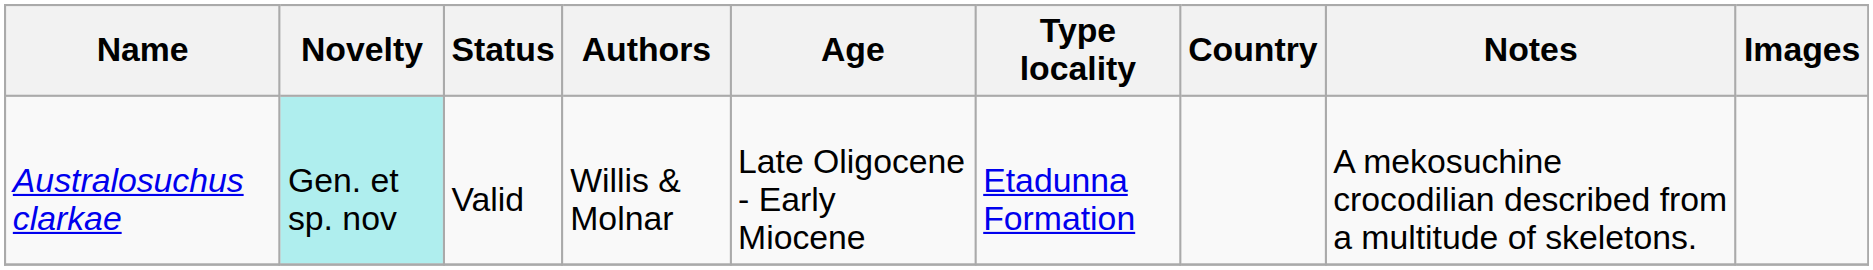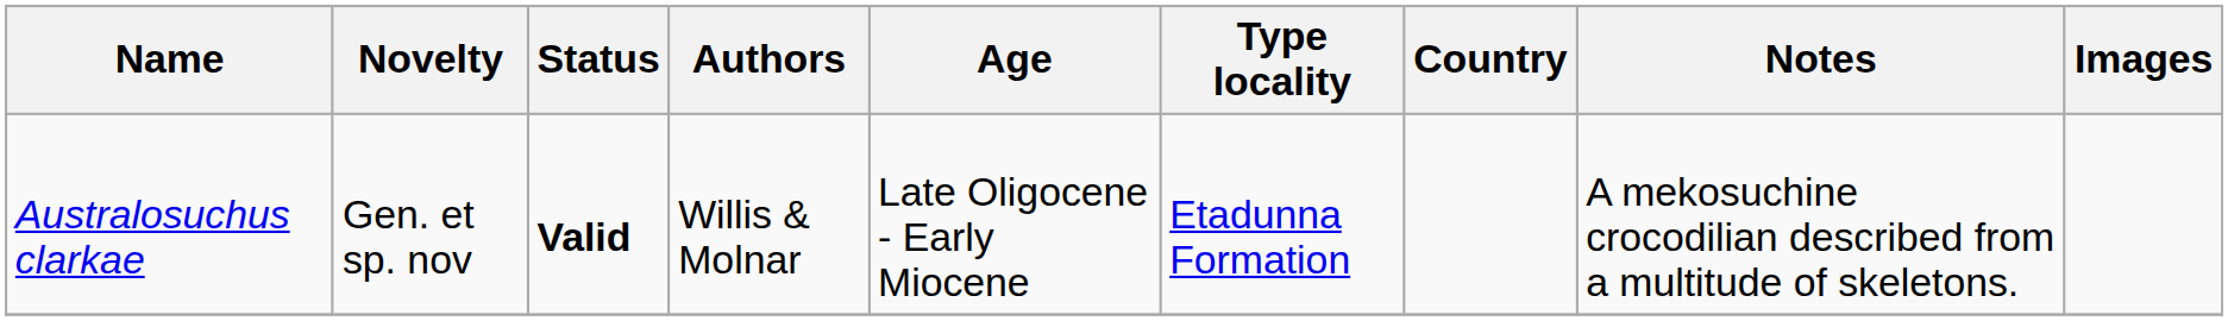 <table class="wikitable sortable" width="100%" align="center">
 <tr>
 <th>Name</th>
 <th>Novelty</th>
 <th>Status</th>
 <th>Authors</th>
 <th>Age</th>
 <th>Type locality</th>
 <th>Country</th>
 <th>Notes</th>
 <th>Images</th>
 </tr>
 <tr>
 <td><br><em><a href='#'>Australosuchus clarkae</a></em></td>
-<td style="background: paleturquoise;"><br>Gen. et sp. nov</td>
-<td><br>Valid</td>
+<td><br>Gen. et sp. nov</td>
+<td><strong><br>Valid</strong></td>
 <td><br>Willis & Molnar</td>
 <td><br>Late Oligocene - Early Miocene</td>
 <td><br><a href='#'>Etadunna Formation</a></td>
 <td><br></td>
 <td><br>A mekosuchine crocodilian described from a multitude of skeletons.</td>
 <td><br></td>
 </tr>
 <tr>
 </tr>
 </table>
